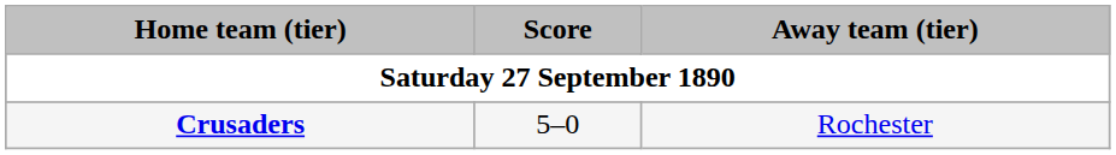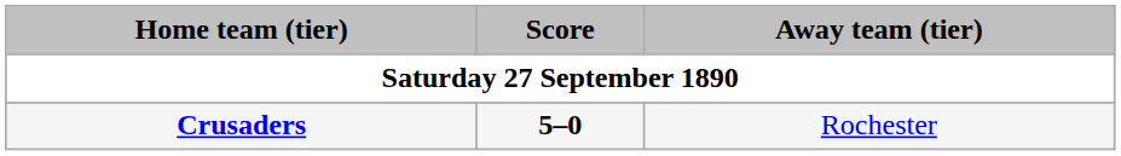 <table class="wikitable" style="width: 550px; background:WhiteSmoke; text-align:center; font-size:90%">
 <tr>
 <td scope="col" style="width: 42.50%; background:silver;"><strong>Home team (tier)</strong></td>
 <td scope="col" style="width: 15.00%; background:silver;"><strong>Score</strong></td>
 <td scope="col" style="width: 42.50%; background:silver;"><strong>Away team (tier)</strong></td>
 </tr>
 <tr>
 <td colspan="3" style= background:White><strong>Saturday 27 September 1890</strong></td>
 </tr>
 <tr>
 <td><strong><a href='#'>Crusaders</a></strong></td>
-<td>5–0</td>
+<td><strong>5–0</strong></td>
 <td><a href='#'>Rochester</a></td>
 </tr>
 </table>
